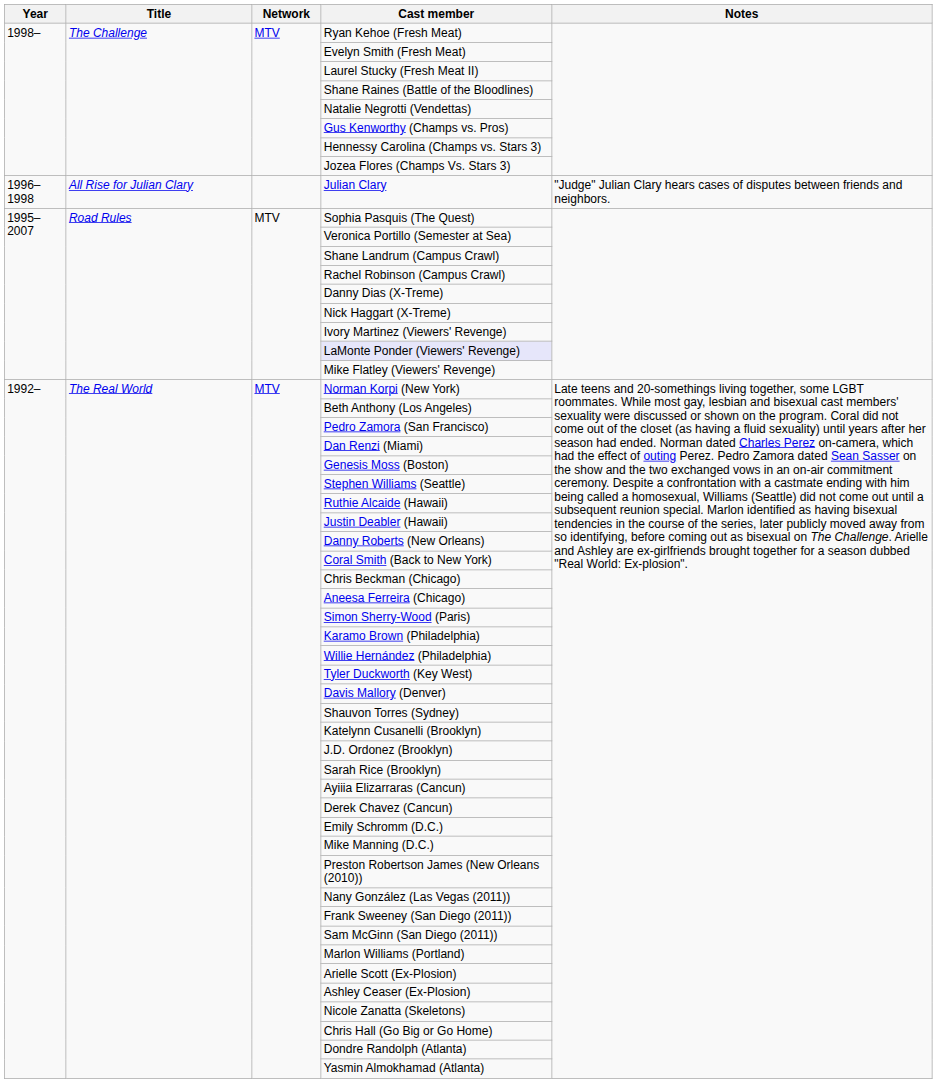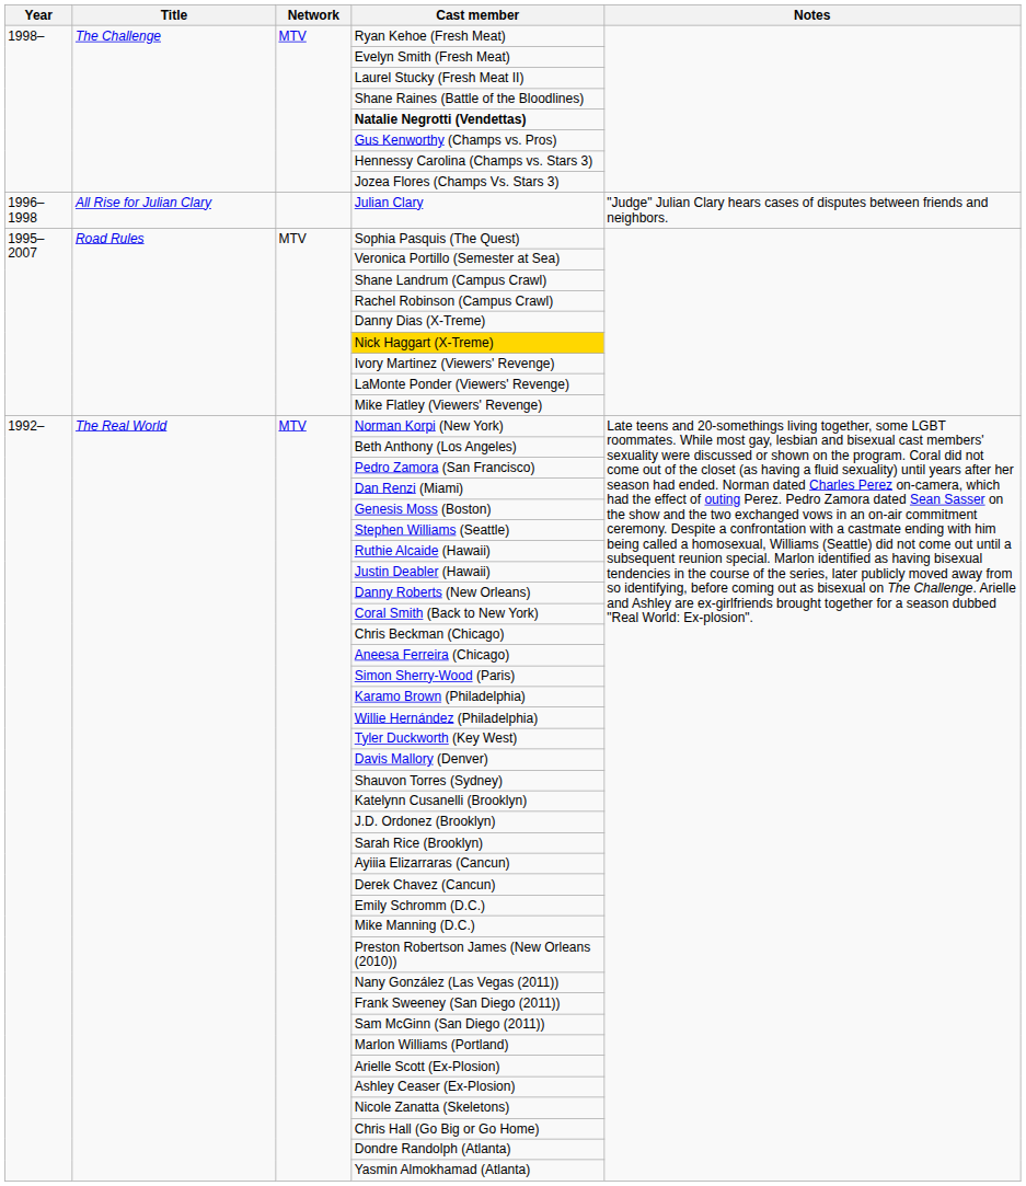 <table class="sortable wikitable" style="margins:auto; width=95%;">
 <tr>
 <th width="75">Year</th>
 <th style="width:240px;">Title</th>
 <th width="85">Network</th>
 <th style="width:300px;">Cast member</th>
 <th style="width:500px;" class="unsortable">Notes</th>
 </tr>
 <tr valign="top">
 <td rowspan="8">1998–</td>
 <td rowspan="8"><em><a href='#'>The Challenge</a></em></td>
 <td rowspan="8"><a href='#'>MTV</a></td>
 <td>Ryan Kehoe (Fresh Meat)</td>
 <td rowspan="8"> <br> </td>
 </tr>
 <tr>
 <td>Evelyn Smith (Fresh Meat)</td>
 </tr>
 <tr>
 <td>Laurel Stucky (Fresh Meat II)</td>
 </tr>
 <tr>
 <td>Shane Raines (Battle of the Bloodlines)</td>
 </tr>
 <tr>
-<td>Natalie Negrotti (Vendettas)</td>
+<td><strong>Natalie Negrotti (Vendettas)</strong></td>
 </tr>
 <tr>
 <td><a href='#'>Gus Kenworthy</a> (Champs vs. Pros)</td>
 </tr>
 <tr>
 <td>Hennessy Carolina (Champs vs. Stars 3)</td>
 </tr>
 <tr>
 <td>Jozea Flores (Champs Vs. Stars 3)</td>
 </tr>
 <tr valign="top">
 <td>1996–1998</td>
 <td><em><a href='#'>All Rise for Julian Clary</a></em></td>
 <td></td>
 <td><a href='#'>Julian Clary</a></td>
 <td>"Judge" Julian Clary hears cases of disputes between friends and neighbors. </td>
 </tr>
 <tr valign="top">
 <td rowspan="9">1995–2007</td>
 <td rowspan="9"><em><a href='#'>Road Rules</a></em></td>
 <td rowspan="9">MTV</td>
 <td>Sophia Pasquis (The Quest)</td>
 <td rowspan="9"></td>
 </tr>
 <tr>
 <td>Veronica Portillo (Semester at Sea)</td>
 </tr>
 <tr>
 <td>Shane Landrum (Campus Crawl)</td>
 </tr>
 <tr>
 <td>Rachel Robinson (Campus Crawl)</td>
 </tr>
 <tr>
 <td>Danny Dias (X-Treme)</td>
 </tr>
 <tr>
-<td>Nick Haggart (X-Treme)</td>
+<td style="background: gold;">Nick Haggart (X-Treme)</td>
 </tr>
 <tr>
 <td>Ivory Martinez (Viewers' Revenge)</td>
 </tr>
 <tr>
-<td style="background: lavender;">LaMonte Ponder (Viewers' Revenge)</td>
+<td>LaMonte Ponder (Viewers' Revenge)</td>
 </tr>
 <tr>
 <td>Mike Flatley (Viewers' Revenge)</td>
 </tr>
 <tr valign="top">
 <td rowspan="36">1992–</td>
 <td rowspan="36"><em><a href='#'>The Real World</a></em></td>
 <td rowspan="36"><a href='#'>MTV</a></td>
 <td><a href='#'>Norman Korpi</a> (New York)</td>
 <td rowspan="36">Late teens and 20-somethings living together, some LGBT roommates. While most gay, lesbian and bisexual cast members' sexuality were discussed or shown on the program.  Coral did not come out of the closet (as having a fluid sexuality) until years after her season had ended.  Norman dated <a href='#'>Charles Perez</a> on-camera, which had the effect of <a href='#'>outing</a> Perez.  Pedro Zamora dated <a href='#'>Sean Sasser</a> on the show and the two exchanged vows in an on-air commitment ceremony.  Despite a confrontation with a castmate ending with him being called a homosexual, Williams (Seattle) did not come out until a subsequent reunion special.  Marlon identified as having bisexual tendencies in the course of the series, later publicly moved away from so identifying, before coming out as bisexual on <em>The Challenge</em>.  Arielle and Ashley are ex-girlfriends brought together for a season dubbed "Real World: Ex-plosion".</td>
 </tr>
 <tr>
 <td>Beth Anthony (Los Angeles)</td>
 </tr>
 <tr>
 <td><a href='#'>Pedro Zamora</a> (San Francisco)</td>
 </tr>
 <tr>
 <td><a href='#'>Dan Renzi</a> (Miami)</td>
 </tr>
 <tr>
 <td><a href='#'>Genesis Moss</a> (Boston)</td>
 </tr>
 <tr>
 <td><a href='#'>Stephen Williams</a> (Seattle)</td>
 </tr>
 <tr>
 <td><a href='#'>Ruthie Alcaide</a> (Hawaii)</td>
 </tr>
 <tr>
 <td><a href='#'>Justin Deabler</a> (Hawaii)</td>
 </tr>
 <tr>
 <td><a href='#'>Danny Roberts</a> (New Orleans)</td>
 </tr>
 <tr>
 <td><a href='#'>Coral Smith</a> (Back to New York)</td>
 </tr>
 <tr>
 <td>Chris Beckman (Chicago)</td>
 </tr>
 <tr>
 <td><a href='#'>Aneesa Ferreira</a> (Chicago)</td>
 </tr>
 <tr>
 <td><a href='#'>Simon Sherry-Wood</a> (Paris)</td>
 </tr>
 <tr>
 <td><a href='#'>Karamo Brown</a> (Philadelphia)</td>
 </tr>
 <tr>
 <td><a href='#'>Willie Hernández</a> (Philadelphia)</td>
 </tr>
 <tr>
 <td><a href='#'>Tyler Duckworth</a> (Key West)</td>
 </tr>
 <tr>
 <td><a href='#'>Davis Mallory</a> (Denver)</td>
 </tr>
 <tr>
 <td>Shauvon Torres (Sydney)</td>
 </tr>
 <tr>
 <td>Katelynn Cusanelli (Brooklyn)</td>
 </tr>
 <tr>
 <td>J.D. Ordonez (Brooklyn)</td>
 </tr>
 <tr>
 <td>Sarah Rice (Brooklyn)</td>
 </tr>
 <tr>
 <td>Ayiiia Elizarraras (Cancun)</td>
 </tr>
 <tr>
 <td>Derek Chavez (Cancun)</td>
 </tr>
 <tr>
 <td>Emily Schromm (D.C.)</td>
 </tr>
 <tr>
 <td>Mike Manning (D.C.)</td>
 </tr>
 <tr>
 <td>Preston Robertson James (New Orleans (2010))</td>
 </tr>
 <tr>
 <td>Nany González (Las Vegas (2011))</td>
 </tr>
 <tr>
 <td>Frank Sweeney (San Diego (2011))</td>
 </tr>
 <tr>
 <td>Sam McGinn (San Diego (2011))</td>
 </tr>
 <tr>
 <td>Marlon Williams (Portland)</td>
 </tr>
 <tr>
 <td>Arielle Scott (Ex-Plosion)</td>
 </tr>
 <tr>
 <td>Ashley Ceaser (Ex-Plosion)</td>
 </tr>
 <tr>
 <td>Nicole Zanatta (Skeletons)</td>
 </tr>
 <tr>
 <td>Chris Hall (Go Big or Go Home)</td>
 </tr>
 <tr>
 <td>Dondre Randolph (Atlanta)</td>
 </tr>
 <tr>
 <td>Yasmin Almokhamad (Atlanta)</td>
 </tr>
 </table>
